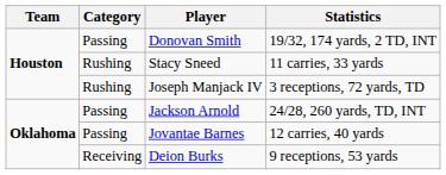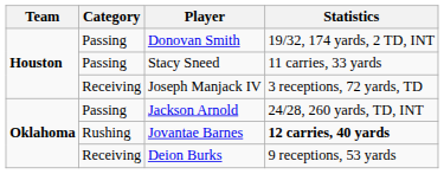 <table class="wikitable" style="float: right;">
 <tr>
 <th>Team</th>
 <th>Category</th>
 <th>Player</th>
 <th>Statistics</th>
 </tr>
 <tr>
 <td rowspan=3><strong>Houston</strong></td>
 <td>Passing</td>
 <td><a href='#'>Donovan Smith</a></td>
 <td>19/32, 174 yards, 2 TD, INT</td>
 </tr>
 <tr>
-<td>Rushing</td>
+<td>Passing</td>
 <td>Stacy Sneed</td>
 <td>11 carries, 33 yards</td>
 </tr>
 <tr>
-<td>Rushing</td>
+<td>Receiving</td>
 <td>Joseph Manjack IV</td>
 <td>3 receptions, 72 yards, TD</td>
 </tr>
 <tr>
 <td rowspan=3><strong>Oklahoma</strong></td>
 <td>Passing</td>
 <td><a href='#'>Jackson Arnold</a></td>
 <td>24/28, 260 yards, TD, INT</td>
 </tr>
 <tr>
-<td>Passing</td>
+<td>Rushing</td>
 <td><a href='#'>Jovantae Barnes</a></td>
-<td>12 carries, 40 yards</td>
+<td><strong>12 carries, 40 yards</strong></td>
 </tr>
 <tr>
 <td>Receiving</td>
 <td><a href='#'>Deion Burks</a></td>
 <td>9 receptions, 53 yards</td>
 </tr>
 </table>
